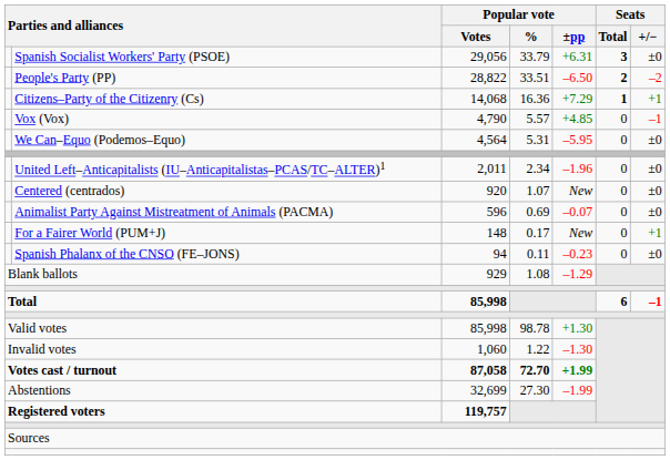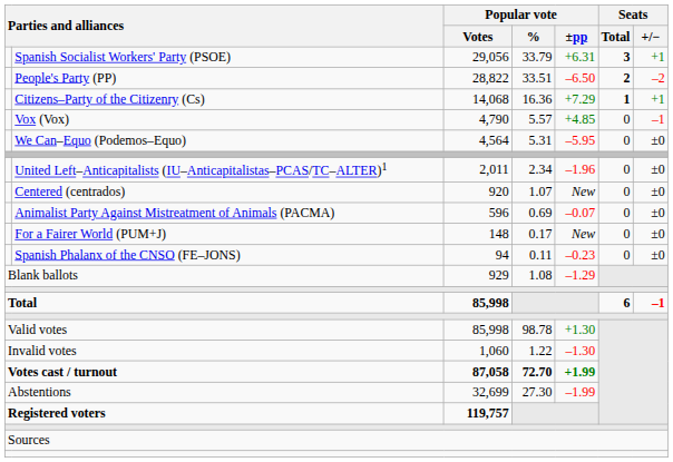 <table class="wikitable" style="text-align:right;">
 <tr>
 <th style="text-align:left;" rowspan="2" colspan="2" width="525">Parties and alliances</th>
 <th colspan="3">Popular vote</th>
 <th colspan="2">Seats</th>
 </tr>
 <tr>
 <th width="75">Votes</th>
 <th width="45">%</th>
 <th width="45">±<a href='#'>pp</a></th>
 <th width="35">Total</th>
 <th width="35">+/−</th>
 </tr>
 <tr>
 <td width="1" style="color:inherit;background:"></td>
 <td align="left"><a href='#'>Spanish Socialist Workers' Party</a> (PSOE)</td>
 <td>29,056</td>
 <td>33.79</td>
 <td style="color:green;">+6.31</td>
 <td><strong>3</strong></td>
-<td>±0</td>
+<td style="color:green;">+1</td>
 </tr>
 <tr>
 <td style="color:inherit;background:"></td>
 <td align="left"><a href='#'>People's Party</a> (PP)</td>
 <td>28,822</td>
 <td>33.51</td>
 <td style="color:red;">–6.50</td>
 <td><strong>2</strong></td>
 <td style="color:red;">–2</td>
 </tr>
 <tr>
 <td style="color:inherit;background:"></td>
 <td align="left"><a href='#'>Citizens–Party of the Citizenry</a> (Cs)</td>
 <td>14,068</td>
 <td>16.36</td>
 <td style="color:green;">+7.29</td>
 <td><strong>1</strong></td>
 <td style="color:green;">+1</td>
 </tr>
 <tr>
 <td style="color:inherit;background:"></td>
 <td align="left"><a href='#'>Vox</a> (Vox)</td>
 <td>4,790</td>
 <td>5.57</td>
 <td style="color:green;">+4.85</td>
 <td>0</td>
 <td style="color:red;">–1</td>
 </tr>
 <tr>
 <td style="color:inherit;background:"></td>
 <td align="left"><a href='#'>We Can</a>–<a href='#'>Equo</a> (Podemos–Equo)</td>
 <td>4,564</td>
 <td>5.31</td>
 <td style="color:red;">–5.95</td>
 <td>0</td>
 <td>±0</td>
 </tr>
 <tr>
 <td colspan="7" bgcolor="#C0C0C0"></td>
 </tr>
 <tr>
 <td style="color:inherit;background:"></td>
 <td align="left"><a href='#'>United Left</a>–<a href='#'>Anticapitalists</a> (<a href='#'>IU</a>–<a href='#'>Anticapitalistas</a>–<a href='#'>PCAS</a>/<a href='#'>TC</a>–<a href='#'>ALTER</a>)<sup>1</sup></td>
 <td>2,011</td>
 <td>2.34</td>
 <td style="color:red;">–1.96</td>
 <td>0</td>
 <td>±0</td>
 </tr>
 <tr>
 <td style="color:inherit;background:"></td>
 <td align="left"><a href='#'>Centered</a> (centrados)</td>
 <td>920</td>
 <td>1.07</td>
 <td><em>New</em></td>
 <td>0</td>
 <td>±0</td>
 </tr>
 <tr>
 <td style="color:inherit;background:"></td>
 <td align="left"><a href='#'>Animalist Party Against Mistreatment of Animals</a> (PACMA)</td>
 <td>596</td>
 <td>0.69</td>
 <td style="color:red;">–0.07</td>
 <td>0</td>
 <td>±0</td>
 </tr>
 <tr>
 <td style="color:inherit;background:"></td>
 <td align="left"><a href='#'>For a Fairer World</a> (PUM+J)</td>
 <td>148</td>
 <td>0.17</td>
 <td><em>New</em></td>
 <td>0</td>
-<td style="color:green;">+1</td>
+<td>±0</td>
 </tr>
 <tr>
 <td style="color:inherit;background:"></td>
 <td align="left"><a href='#'>Spanish Phalanx of the CNSO</a> (FE–JONS)</td>
 <td>94</td>
 <td>0.11</td>
 <td style="color:red;">–0.23</td>
 <td>0</td>
 <td>±0</td>
 </tr>
 <tr>
 <td align="left" colspan="2">Blank ballots</td>
 <td>929</td>
 <td>1.08</td>
 <td style="color:red;">–1.29</td>
 <td bgcolor="#E9E9E9" colspan="2"></td>
 </tr>
 <tr>
 <td colspan="7" bgcolor="#E9E9E9"></td>
 </tr>
 <tr style="font-weight:bold;">
 <td align="left" colspan="2">Total</td>
 <td>85,998</td>
 <td bgcolor="#E9E9E9" colspan="2"></td>
 <td>6</td>
 <td style="color:red;">–1</td>
 </tr>
 <tr>
 <td colspan="7" bgcolor="#E9E9E9"></td>
 </tr>
 <tr>
 <td align="left" colspan="2">Valid votes</td>
 <td>85,998</td>
 <td>98.78</td>
 <td style="color:green;">+1.30</td>
 <td bgcolor="#E9E9E9" colspan="2" rowspan="5"></td>
 </tr>
 <tr>
 <td align="left" colspan="2">Invalid votes</td>
 <td>1,060</td>
 <td>1.22</td>
 <td style="color:red;">–1.30</td>
 </tr>
 <tr style="font-weight:bold;">
 <td align="left" colspan="2">Votes cast / turnout</td>
 <td>87,058</td>
 <td>72.70</td>
 <td style="color:green;">+1.99</td>
 </tr>
 <tr>
 <td align="left" colspan="2">Abstentions</td>
 <td>32,699</td>
 <td>27.30</td>
 <td style="color:red;">–1.99</td>
 </tr>
 <tr style="font-weight:bold;">
 <td align="left" colspan="2">Registered voters</td>
 <td>119,757</td>
 <td bgcolor="#E9E9E9" colspan="2"></td>
 </tr>
 <tr>
 <td colspan="7" bgcolor="#E9E9E9"></td>
 </tr>
 <tr>
 <td align="left" colspan="7">Sources</td>
 </tr>
 <tr>
 <td colspan="7" style="text-align:left; max-width:790px;"></td>
 </tr>
 </table>
